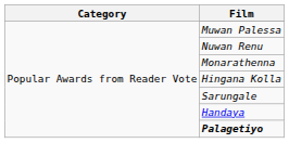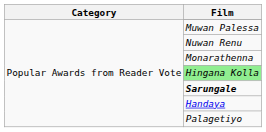 <table class="wikitable plainrowheaders sortable">
 <tr>
 <th scope="col">Category</th>
 <th scope="col">Film</th>
 </tr>
 <tr>
 <td rowspan=8>Popular Awards from Reader Vote</td>
 </tr>
 <tr>
 <td><em>Muwan Palessa</em></td>
 </tr>
 <tr>
 <td><em>Nuwan Renu</em></td>
 </tr>
 <tr>
 <td><em>Monarathenna</em></td>
 </tr>
 <tr>
-<td><em>Hingana Kolla</em></td>
+<td style="background: lightgreen;"><em>Hingana Kolla</em></td>
 </tr>
 <tr>
-<td><em>Sarungale</em></td>
+<td><strong><em>Sarungale</em></strong></td>
 </tr>
 <tr>
 <td><em><a href='#'>Handaya</a></em></td>
 </tr>
 <tr>
-<td><strong><em>Palagetiyo</em></strong></td>
+<td><em>Palagetiyo</em></td>
 </tr>
 </table>
